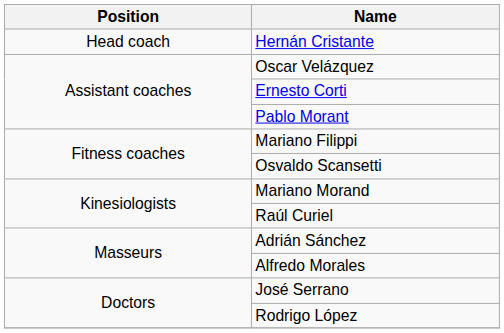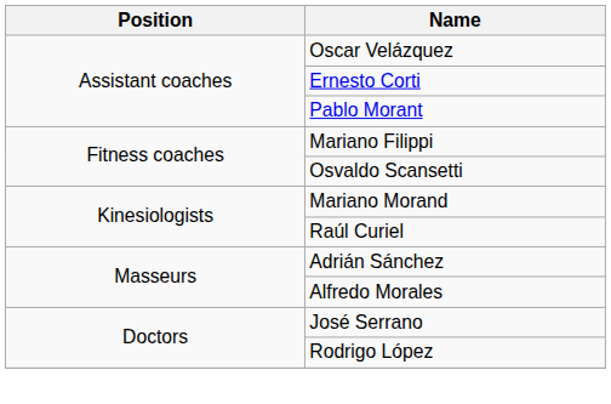 <table class="wikitable" style="text-align:center; font-size:100%; width:40%">
 <tr>
 <th>Position</th>
 <th>Name</th>
-</tr>
-<tr>
-<td>Head coach</td>
-<td align=left> <a href='#'>Hernán Cristante</a></td>
 </tr>
 <tr>
 <td rowspan=3>Assistant coaches</td>
 <td align=left> Oscar Velázquez</td>
 </tr>
 <tr>
 <td align=left> <a href='#'>Ernesto Corti</a></td>
 </tr>
 <tr>
 <td align=left> <a href='#'>Pablo Morant</a></td>
 </tr>
 <tr>
 <td rowspan=2>Fitness coaches</td>
 <td align=left> Mariano Filippi</td>
 </tr>
 <tr>
 <td align=left> Osvaldo Scansetti</td>
 </tr>
 <tr>
 <td rowspan=2>Kinesiologists</td>
 <td align=left> Mariano Morand</td>
 </tr>
 <tr>
 <td align=left> Raúl Curiel</td>
 </tr>
 <tr>
 <td rowspan=2>Masseurs</td>
 <td align=left> Adrián Sánchez</td>
 </tr>
 <tr>
 <td align=left> Alfredo Morales</td>
 </tr>
 <tr>
 <td rowspan=2>Doctors</td>
 <td align=left> José Serrano</td>
 </tr>
 <tr>
 <td align=left> Rodrigo López</td>
 </tr>
 <tr>
 </tr>
 </table>
